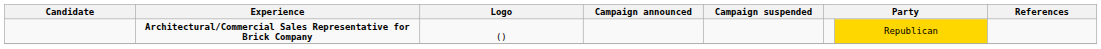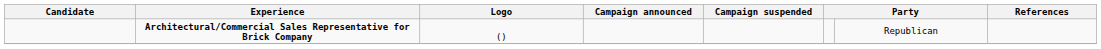 <table class="wikitable sortable" style="text-align: center; width: 100%;">
 <tr>
 <th scope="col" align="center" style="width: 12%;">Candidate</th>
 <th scope="col" align="center" style="width: 26%;">Experience</th>
 <th scope="col" align="center" style="width: 15%;">Logo</th>
 <th scope="col" align="center" style="width: 11%;">Campaign announced</th>
 <th scope="col" align="center" style="width: 11%;">Campaign suspended</th>
 <th scope="col" align="center" style="width: 15%;" colspan="2" class="unsortable">Party<br></th>
 <th scope="col" align="center" style="width: 10%;">References</th>
 </tr>
 <tr>
 <td><br></td>
 <td><strong>Architectural/Commercial Sales Representative for Brick Company</strong></td>
 <td><br>()</td>
 <td></td>
 <td></td>
 <td bgcolor=></td>
-<td style="background: gold;">Republican</td>
+<td>Republican</td>
 <td></td>
 </tr>
 <tr>
 </tr>
 </table>
